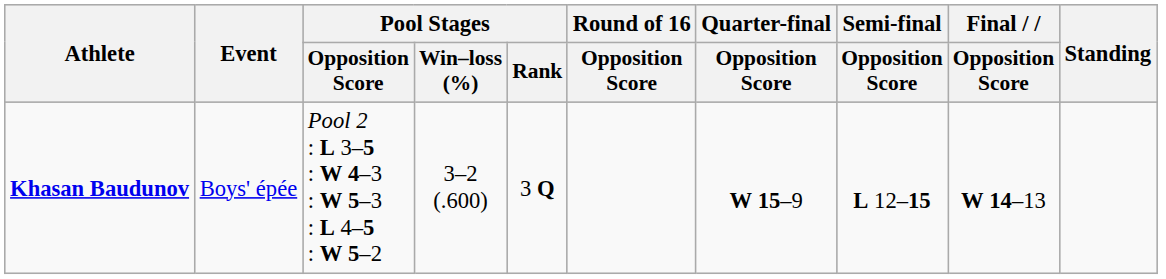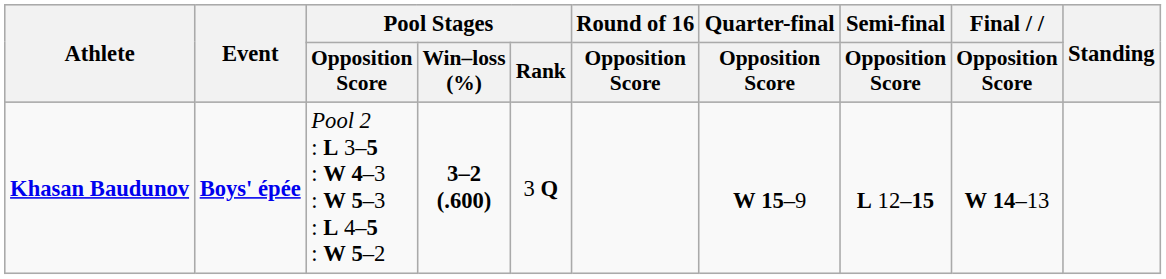 <table class=wikitable style=font-size:90%;text-align:center>
 <tr>
 <th rowspan=2>Athlete</th>
 <th rowspan=2>Event</th>
 <th colspan=3>Pool Stages</th>
 <th>Round of 16</th>
 <th>Quarter-final</th>
 <th>Semi-final</th>
 <th>Final /  / </th>
 <th rowspan=2>Standing</th>
 </tr>
 <tr style="font-size:95%">
 <th>Opposition<br>Score</th>
 <th>Win–loss<br>(%)</th>
 <th>Rank</th>
 <th>Opposition<br>Score</th>
 <th>Opposition<br>Score</th>
 <th>Opposition<br>Score</th>
 <th>Opposition<br>Score</th>
 </tr>
 <tr>
 <td align=left><strong><a href='#'>Khasan Baudunov</a></strong></td>
-<td align=left><a href='#'>Boys' épée</a></td>
+<td align=left><strong><a href='#'>Boys' épée</a></strong></td>
 <td align=left><em>Pool 2</em><br>: <strong>L</strong> 3–<strong>5</strong><br>: <strong>W</strong> <strong>4</strong>–3<br>: <strong>W</strong> <strong>5</strong>–3<br>: <strong>L</strong> 4–<strong>5</strong><br>: <strong>W</strong> <strong>5</strong>–2</td>
-<td>3–2<br>(.600)</td>
+<td><strong>3–2<br>(.600)</strong></td>
 <td>3 <strong>Q</strong></td>
 <td></td>
 <td><br> <strong>W</strong> <strong>15</strong>–9</td>
 <td><br> <strong>L</strong> 12–<strong>15</strong></td>
 <td><br> <strong>W</strong> <strong>14</strong>–13</td>
 <td></td>
 </tr>
 </table>
